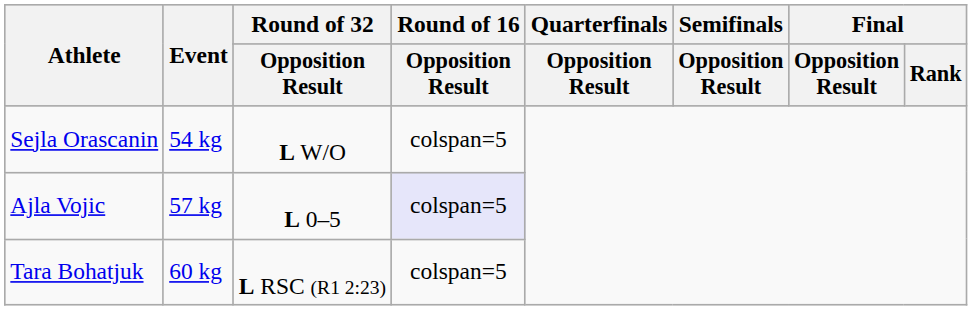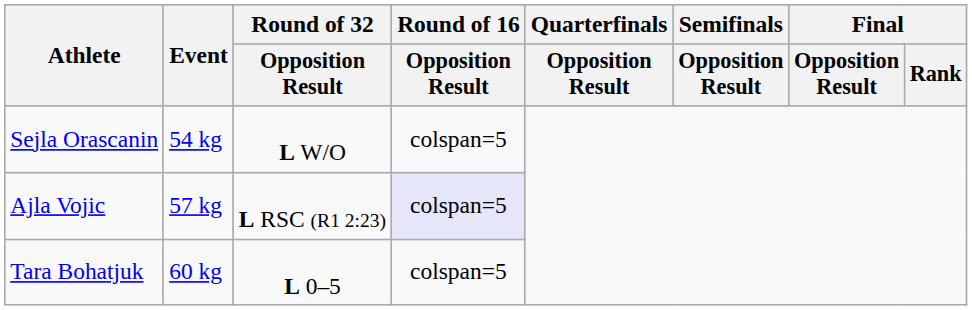 <table class="wikitable" style="text-align:center; font-size:90%">
 <tr>
 <th rowspan=2>Athlete</th>
 <th rowspan=2>Event</th>
 <th>Round of 32</th>
 <th>Round of 16</th>
 <th>Quarterfinals</th>
 <th>Semifinals</th>
 <th colspan=2>Final</th>
 </tr>
 <tr style="font-size:95%">
 <th>Opposition<br>Result</th>
 <th>Opposition<br>Result</th>
 <th>Opposition<br>Result</th>
 <th>Opposition<br>Result</th>
 <th>Opposition<br>Result</th>
 <th>Rank</th>
 </tr>
 <tr>
 <td align=left><a href='#'>Sejla Orascanin</a></td>
 <td align=left><a href='#'>54 kg</a></td>
 <td><br><strong>L</strong> W/O</td>
 <td>colspan=5 </td>
 </tr>
 <tr>
 <td align=left><a href='#'>Ajla Vojic</a></td>
 <td align=left><a href='#'>57 kg</a></td>
-<td><br><strong>L</strong> 0–5</td>
+<td><br><strong>L</strong> RSC <small>(R1 2:23)</small></td>
 <td style="background: lavender;">colspan=5 </td>
 </tr>
 <tr>
 <td align=left><a href='#'>Tara Bohatjuk</a></td>
 <td align=left><a href='#'>60 kg</a></td>
-<td><br><strong>L</strong> RSC <small>(R1 2:23)</small></td>
+<td><br><strong>L</strong> 0–5</td>
 <td>colspan=5 </td>
 </tr>
 </table>
